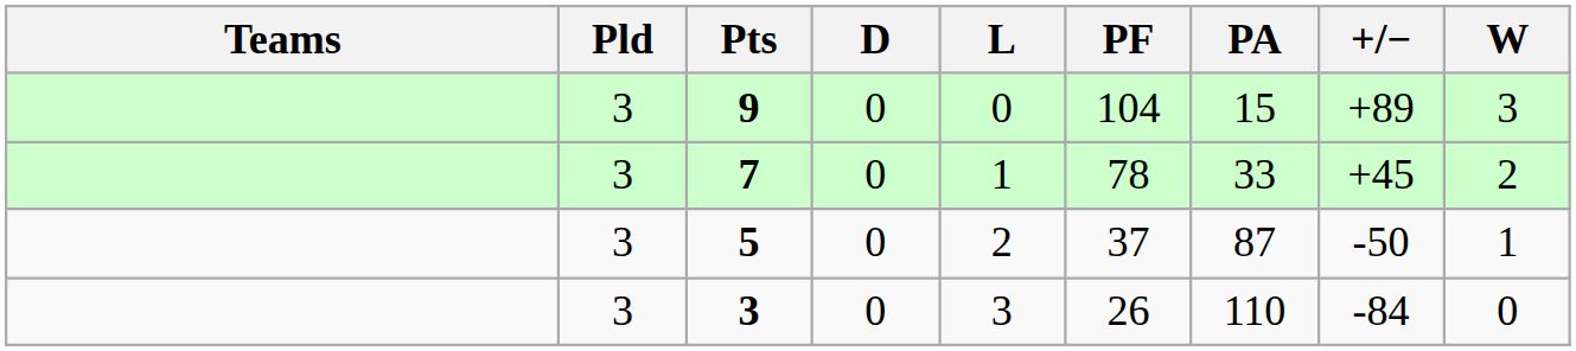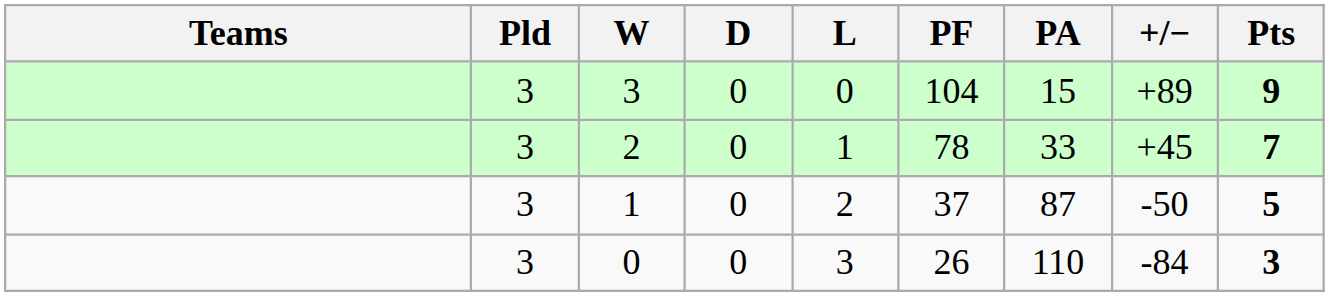 <table class="wikitable" style="text-align: center;">
 <tr>
 <th width="200">Teams</th>
 <th width="40">Pld</th>
-<th width="40">Pts</th>
+<th width="40">W</th>
 <th width="40">D</th>
 <th width="40">L</th>
 <th width="40">PF</th>
 <th width="40">PA</th>
 <th width="40">+/−</th>
-<th width="40">W</th>
+<th width="40">Pts</th>
 </tr>
 <tr style="background:#cfc; width:20px;">
 <td align=left></td>
 <td>3</td>
-<td><strong>9</strong></td>
+<td>3</td>
 <td>0</td>
 <td>0</td>
 <td>104</td>
 <td>15</td>
 <td>+89</td>
-<td>3</td>
+<td><strong>9</strong></td>
 </tr>
 <tr style="background:#cfc; width:20px;">
 <td align=left></td>
 <td>3</td>
-<td><strong>7</strong></td>
+<td>2</td>
 <td>0</td>
 <td>1</td>
 <td>78</td>
 <td>33</td>
 <td>+45</td>
-<td>2</td>
+<td><strong>7</strong></td>
 </tr>
 <tr>
 <td align=left></td>
 <td>3</td>
-<td><strong>5</strong></td>
+<td>1</td>
 <td>0</td>
 <td>2</td>
 <td>37</td>
 <td>87</td>
 <td>-50</td>
-<td>1</td>
+<td><strong>5</strong></td>
 </tr>
 <tr>
 <td align=left></td>
 <td>3</td>
-<td><strong>3</strong></td>
+<td>0</td>
 <td>0</td>
 <td>3</td>
 <td>26</td>
 <td>110</td>
 <td>-84</td>
-<td>0</td>
+<td><strong>3</strong></td>
 </tr>
 </table>
